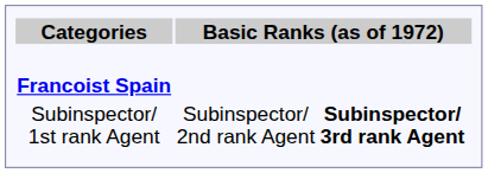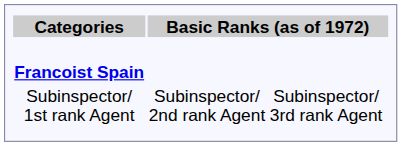 <table style="border:1px solid #8888aa; background-color:#f7f8ff; padding:5px; font-size:95%; margin:0px 12px 12px 0px;">
 <tr>
 </tr>
 <tr bgcolor="#CCCCCC">
 <th><strong>Categories</strong></th>
 <th colspan=3>Basic Ranks (as of 1972)</th>
 </tr>
 <tr>
 </tr>
 <tr>
 <td align="center" rowspan=2><strong><br><a href='#'>Francoist Spain</a></strong></td>
 <td align="center" colspan=1></td>
 <td align="center" colspan=1></td>
 <td align="center" colspan=1></td>
 </tr>
 <tr rowspan="2">
 </tr>
 <tr align="center">
 <td align="center" colspan=1>Subinspector/<br>1st rank Agent</td>
 <td align="center" colspan=1>Subinspector/<br>2nd rank Agent</td>
-<td align="center" colspan=1><strong>Subinspector/<br>3rd rank Agent</strong></td>
+<td align="center" colspan=1>Subinspector/<br>3rd rank Agent</td>
 </tr>
 <tr>
 <td colspan=10></td>
 </tr>
 <tr>
 </tr>
 </table>
